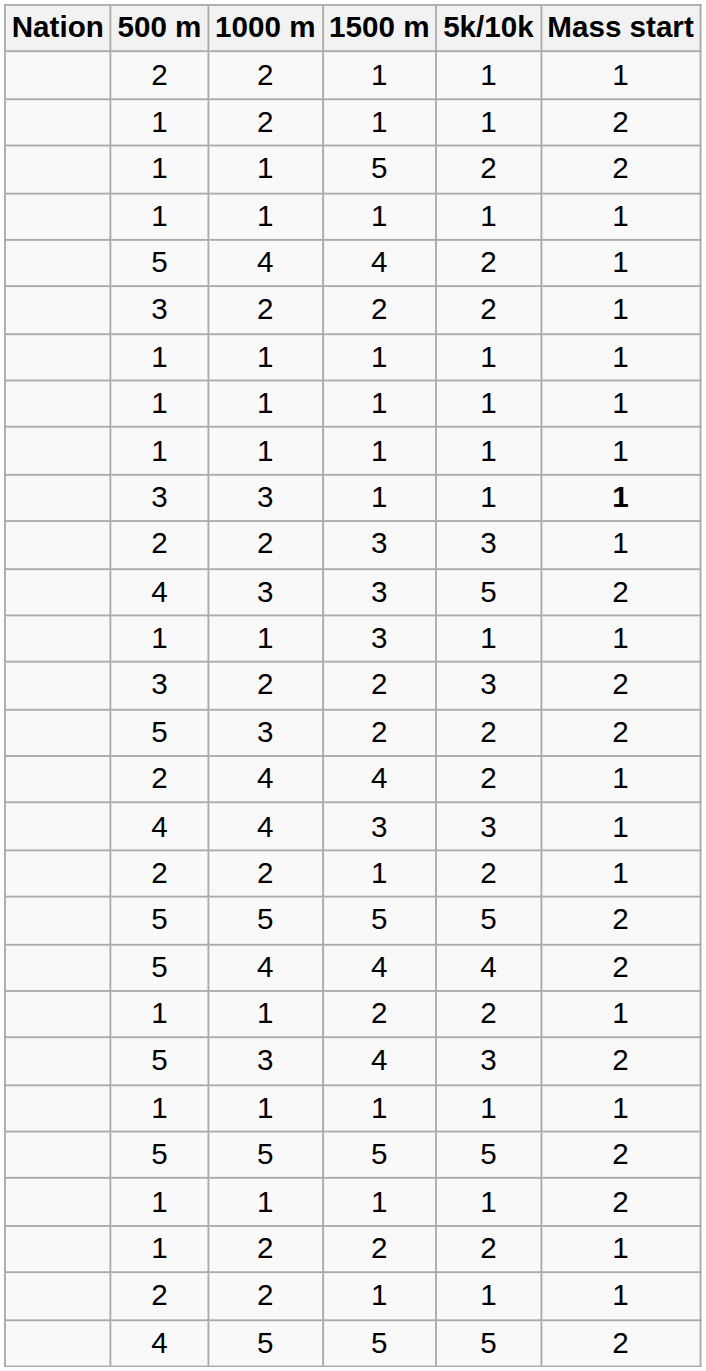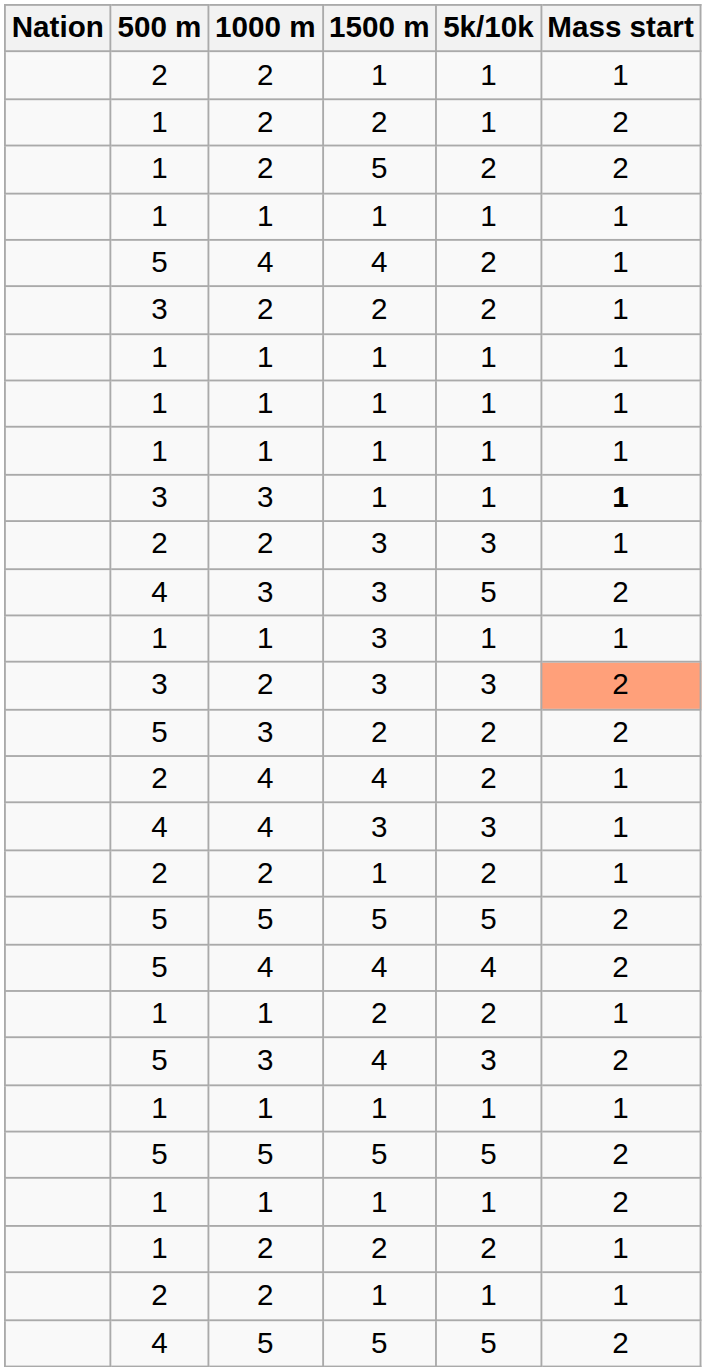 <table class="wikitable" border="1" style="text-align:center">
 <tr>
 <th>Nation</th>
 <th>500 m</th>
 <th>1000 m</th>
 <th>1500 m</th>
 <th>5k/10k</th>
 <th>Mass start</th>
 </tr>
 <tr>
 <td align=left></td>
 <td>2</td>
 <td>2</td>
 <td>1</td>
 <td>1</td>
 <td>1</td>
 </tr>
 <tr>
 <td align=left></td>
 <td>1</td>
 <td>2</td>
-<td>1</td>
+<td>2</td>
 <td>1</td>
 <td>2</td>
 </tr>
 <tr>
 <td align=left></td>
 <td>1</td>
-<td>1</td>
+<td>2</td>
 <td>5</td>
 <td>2</td>
 <td>2</td>
 </tr>
 <tr>
 <td align=left></td>
 <td>1</td>
 <td>1</td>
 <td>1</td>
 <td>1</td>
 <td>1</td>
 </tr>
 <tr>
 <td align=left></td>
 <td>5</td>
 <td>4</td>
 <td>4</td>
 <td>2</td>
 <td>1</td>
 </tr>
 <tr>
 <td align=left></td>
 <td>3</td>
 <td>2</td>
 <td>2</td>
 <td>2</td>
 <td>1</td>
 </tr>
 <tr>
 <td align=left></td>
 <td>1</td>
 <td>1</td>
 <td>1</td>
 <td>1</td>
 <td>1</td>
 </tr>
 <tr>
 <td align=left></td>
 <td>1</td>
 <td>1</td>
 <td>1</td>
 <td>1</td>
 <td>1</td>
 </tr>
 <tr>
 <td align=left></td>
 <td>1</td>
 <td>1</td>
 <td>1</td>
 <td>1</td>
 <td>1</td>
 </tr>
 <tr>
 <td align=left></td>
 <td>3</td>
 <td>3</td>
 <td>1</td>
 <td>1</td>
 <td><strong>1</strong></td>
 </tr>
 <tr>
 <td align=left></td>
 <td>2</td>
 <td>2</td>
 <td>3</td>
 <td>3</td>
 <td>1</td>
 </tr>
 <tr>
 <td align=left></td>
 <td>4</td>
 <td>3</td>
 <td>3</td>
 <td>5</td>
 <td>2</td>
 </tr>
 <tr>
 <td align=left></td>
 <td>1</td>
 <td>1</td>
 <td>3</td>
 <td>1</td>
 <td>1</td>
 </tr>
 <tr>
 <td align=left></td>
 <td>3</td>
 <td>2</td>
-<td>2</td>
 <td>3</td>
-<td>2</td>
+<td>3</td>
+<td style="background: lightsalmon;">2</td>
 </tr>
 <tr>
 <td align=left></td>
 <td>5</td>
 <td>3</td>
 <td>2</td>
 <td>2</td>
 <td>2</td>
 </tr>
 <tr>
 <td align=left></td>
 <td>2</td>
 <td>4</td>
 <td>4</td>
 <td>2</td>
 <td>1</td>
 </tr>
 <tr>
 <td align=left></td>
 <td>4</td>
 <td>4</td>
 <td>3</td>
 <td>3</td>
 <td>1</td>
 </tr>
 <tr>
 <td align=left></td>
 <td>2</td>
 <td>2</td>
 <td>1</td>
 <td>2</td>
 <td>1</td>
 </tr>
 <tr>
 <td align=left></td>
 <td>5</td>
 <td>5</td>
 <td>5</td>
 <td>5</td>
 <td>2</td>
 </tr>
 <tr>
 <td align=left></td>
 <td>5</td>
 <td>4</td>
 <td>4</td>
 <td>4</td>
 <td>2</td>
 </tr>
 <tr>
 <td align=left></td>
 <td>1</td>
 <td>1</td>
 <td>2</td>
 <td>2</td>
 <td>1</td>
 </tr>
 <tr>
 <td align=left></td>
 <td>5</td>
 <td>3</td>
 <td>4</td>
 <td>3</td>
 <td>2</td>
 </tr>
 <tr>
 <td align=left></td>
 <td>1</td>
 <td>1</td>
 <td>1</td>
 <td>1</td>
 <td>1</td>
 </tr>
 <tr>
 <td align=left></td>
 <td>5</td>
 <td>5</td>
 <td>5</td>
 <td>5</td>
 <td>2</td>
 </tr>
 <tr>
 <td align=left></td>
 <td>1</td>
 <td>1</td>
 <td>1</td>
 <td>1</td>
 <td>2</td>
 </tr>
 <tr>
 <td align=left></td>
 <td>1</td>
 <td>2</td>
 <td>2</td>
 <td>2</td>
 <td>1</td>
 </tr>
 <tr>
 <td align=left></td>
 <td>2</td>
 <td>2</td>
 <td>1</td>
 <td>1</td>
 <td>1</td>
 </tr>
 <tr>
 <td align=left></td>
 <td>4</td>
 <td>5</td>
 <td>5</td>
 <td>5</td>
 <td>2</td>
 </tr>
 </table>
